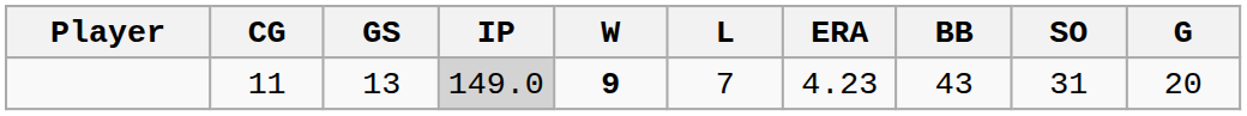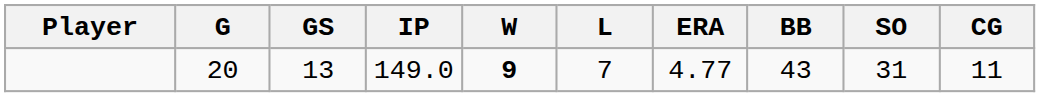 <table class="wikitable sortable">
 <tr>
 <th bgcolor="#DDDDFF" width="16%">Player</th>
-<th bgcolor="#DDDDFF" width="9%">CG</th>
+<th bgcolor="#DDDDFF" width="9%">G</th>
 <th bgcolor="#DDDDFF" width="9%">GS</th>
 <th bgcolor="#DDDDFF" width="9%">IP</th>
 <th bgcolor="#DDDDFF" width="9%">W</th>
 <th bgcolor="#DDDDFF" width="9%">L</th>
 <th bgcolor="#DDDDFF" width="9%">ERA</th>
 <th bgcolor="#DDDDFF" width="9%">BB</th>
 <th bgcolor="#DDDDFF" width="9%">SO</th>
-<th bgcolor="#DDDDFF" width="9%">G</th>
+<th bgcolor="#DDDDFF" width="9%">CG</th>
 </tr>
 <tr align="center">
 <td></td>
-<td>11</td>
+<td>20</td>
 <td>13</td>
-<td style="background: lightgrey;">149.0</td>
+<td>149.0</td>
 <td><strong>9</strong></td>
 <td>7</td>
-<td>4.23</td>
+<td>4.77</td>
 <td>43</td>
 <td>31</td>
-<td>20</td>
+<td>11</td>
 </tr>
 </table>
